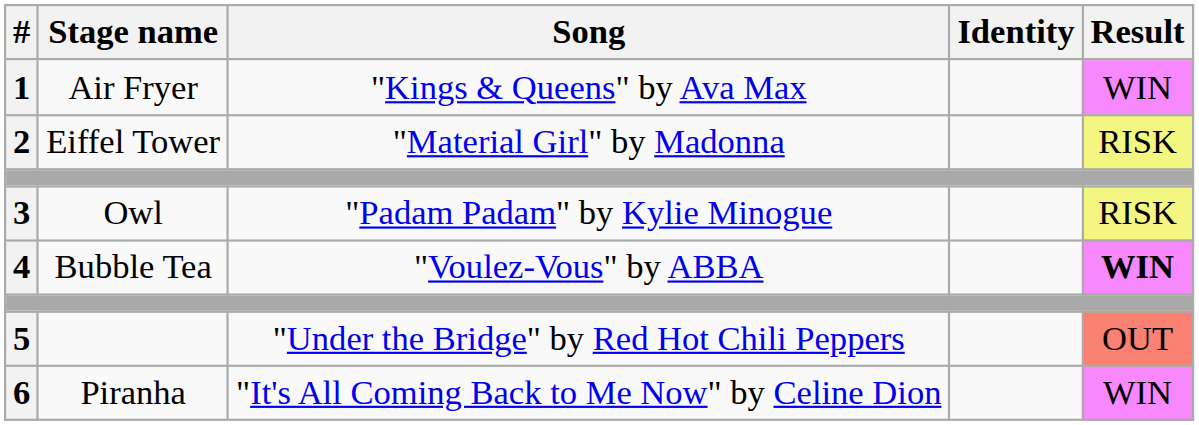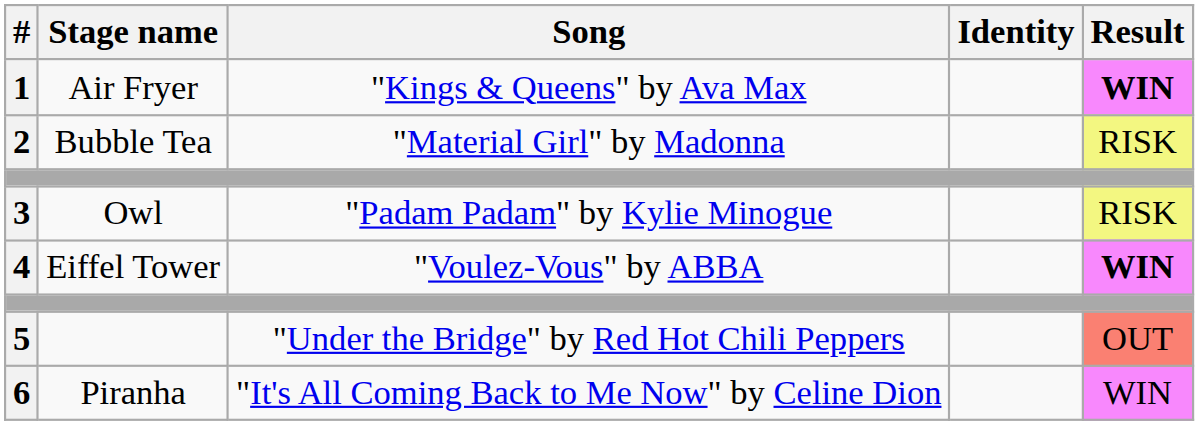 <table class="wikitable plainrowheaders" style="text-align: center;">
 <tr>
 <th>#</th>
 <th>Stage name</th>
 <th>Song</th>
 <th>Identity</th>
 <th>Result</th>
 </tr>
 <tr>
 <th>1</th>
 <td>Air Fryer</td>
 <td>"<a href='#'>Kings & Queens</a>" by <a href='#'>Ava Max</a></td>
 <td></td>
-<td bgcolor="#F888FD">WIN</td>
+<td bgcolor="#F888FD"><strong>WIN</strong></td>
 </tr>
 <tr>
 <th>2</th>
-<td>Eiffel Tower</td>
+<td>Bubble Tea</td>
 <td>"<a href='#'>Material Girl</a>" by <a href='#'>Madonna</a></td>
 <td></td>
 <td bgcolor="#F3F781">RISK</td>
 </tr>
 <tr>
 <td colspan="5" style="background:darkgray"></td>
 </tr>
 <tr>
 <th>3</th>
 <td>Owl</td>
 <td>"<a href='#'>Padam Padam</a>" by <a href='#'>Kylie Minogue</a></td>
 <td></td>
 <td bgcolor="#F3F781">RISK</td>
 </tr>
 <tr>
 <th>4</th>
-<td>Bubble Tea</td>
+<td>Eiffel Tower</td>
 <td>"<a href='#'>Voulez-Vous</a>" by <a href='#'>ABBA</a></td>
 <td></td>
 <td bgcolor="#F888FD"><strong>WIN</strong></td>
 </tr>
 <tr>
 <td colspan="5" style="background:darkgray"></td>
 </tr>
 <tr>
 <th>5</th>
 <td></td>
 <td>"<a href='#'>Under the Bridge</a>" by <a href='#'>Red Hot Chili Peppers</a></td>
 <td></td>
 <td bgcolor="salmon">OUT</td>
 </tr>
 <tr>
 <th>6</th>
 <td>Piranha</td>
 <td>"<a href='#'>It's All Coming Back to Me Now</a>" by <a href='#'>Celine Dion</a></td>
 <td></td>
 <td bgcolor="#F888FD">WIN</td>
 </tr>
 </table>
